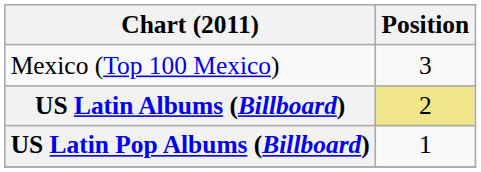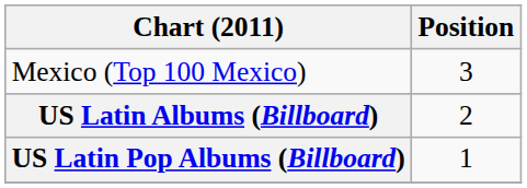 <table class="wikitable plainrowheaders sortable" style="text-align:center;">
 <tr>
 <th scope="col">Chart (2011)</th>
 <th scope="col">Position</th>
 </tr>
 <tr>
 <td align="left">Mexico (<a href='#'>Top 100 Mexico</a>)</td>
 <td align="center">3</td>
 </tr>
 <tr>
 <th scope="row">US <a href='#'>Latin Albums</a> (<em><a href='#'>Billboard</a></em>)</th>
-<td style="background: khaki;">2</td>
+<td>2</td>
 </tr>
 <tr>
 <th scope="row">US <a href='#'>Latin Pop Albums</a> (<em><a href='#'>Billboard</a></em>)</th>
 <td>1</td>
 </tr>
 <tr>
 </tr>
 </table>
